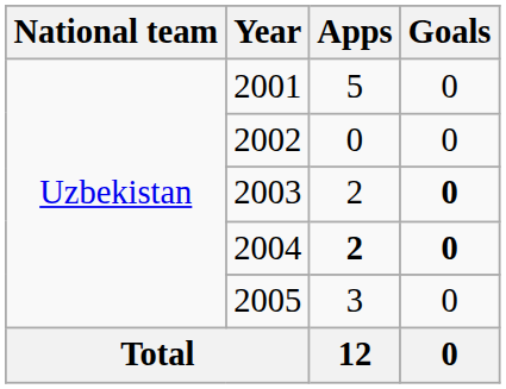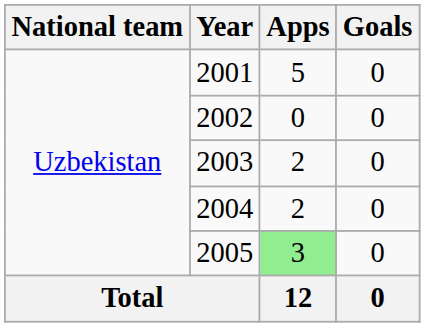 <table class="wikitable" style="text-align:center">
 <tr>
 <th>National team</th>
 <th>Year</th>
 <th>Apps</th>
 <th>Goals</th>
 </tr>
 <tr>
 <td rowspan="5"><a href='#'>Uzbekistan</a></td>
 <td>2001</td>
 <td>5</td>
 <td>0</td>
 </tr>
 <tr>
 <td>2002</td>
 <td>0</td>
 <td>0</td>
 </tr>
 <tr>
 <td>2003</td>
 <td>2</td>
-<td><strong>0</strong></td>
+<td>0</td>
 </tr>
 <tr>
 <td>2004</td>
-<td><strong>2</strong></td>
-<td><strong>0</strong></td>
+<td>2</td>
+<td>0</td>
 </tr>
 <tr>
 <td>2005</td>
-<td>3</td>
+<td style="background: lightgreen;">3</td>
 <td>0</td>
 </tr>
 <tr>
 <th colspan="2">Total</th>
 <th>12</th>
 <th>0</th>
 </tr>
 </table>
